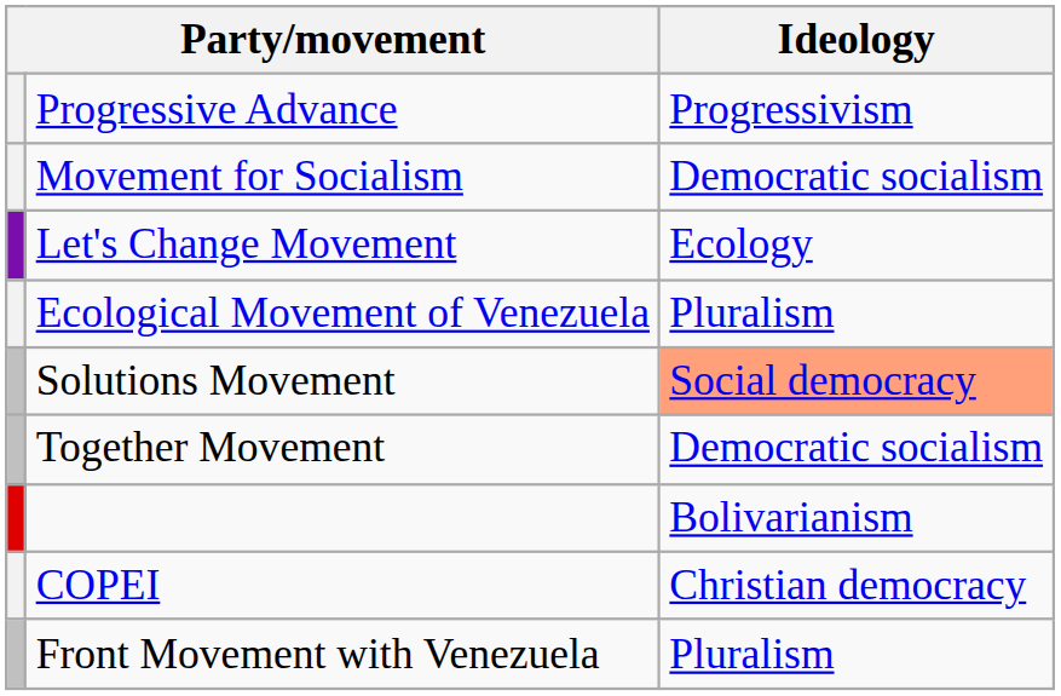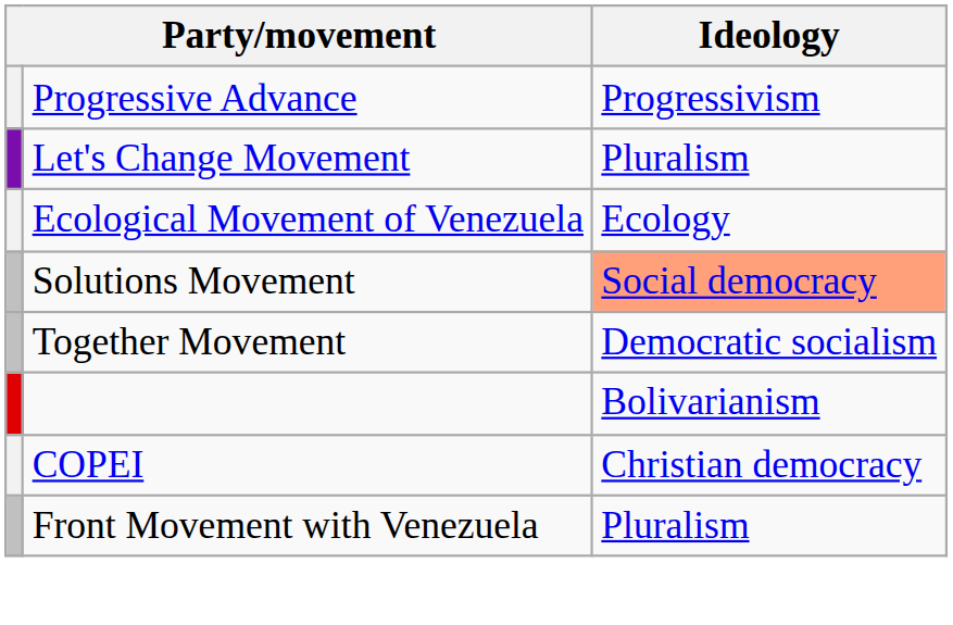 <table class="wikitable">
 <tr>
 <th colspan=2>Party/movement</th>
 <th>Ideology</th>
 </tr>
 <tr>
 <th style="background-color:"></th>
 <td><a href='#'>Progressive Advance</a></td>
 <td><a href='#'>Progressivism</a></td>
 </tr>
 <tr>
-<th style="background-color:"></th>
-<td><a href='#'>Movement for Socialism</a></td>
-<td><a href='#'>Democratic socialism</a></td>
-</tr>
-<tr>
 <th style="background-color:#790ead"></th>
 <td><a href='#'>Let's Change Movement</a></td>
-<td><a href='#'>Ecology</a></td>
+<td><a href='#'>Pluralism</a></td>
 </tr>
 <tr>
 <th style="background-color:"></th>
 <td><a href='#'>Ecological Movement of Venezuela</a></td>
-<td><a href='#'>Pluralism</a></td>
+<td><a href='#'>Ecology</a></td>
 </tr>
 <tr>
 <th style="background-color:#C0C0C0"></th>
 <td>Solutions Movement</td>
 <td style="background: lightsalmon;"><a href='#'>Social democracy</a></td>
 </tr>
 <tr>
 <th style="background-color:#C0C0C0"></th>
 <td>Together Movement</td>
 <td><a href='#'>Democratic socialism</a></td>
 </tr>
 <tr>
 <th style="background-color:#DF0101"></th>
 <td></td>
 <td><a href='#'>Bolivarianism</a></td>
 </tr>
 <tr>
 <th style="background-color:"></th>
 <td><a href='#'>COPEI</a></td>
 <td><a href='#'>Christian democracy</a></td>
 </tr>
 <tr>
 <th style="background-color:#C0C0C0"></th>
 <td>Front Movement with Venezuela</td>
 <td><a href='#'>Pluralism</a></td>
 </tr>
 </table>
